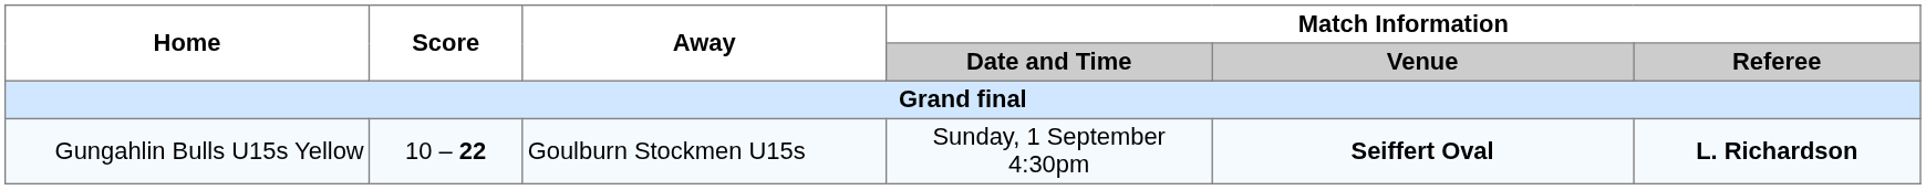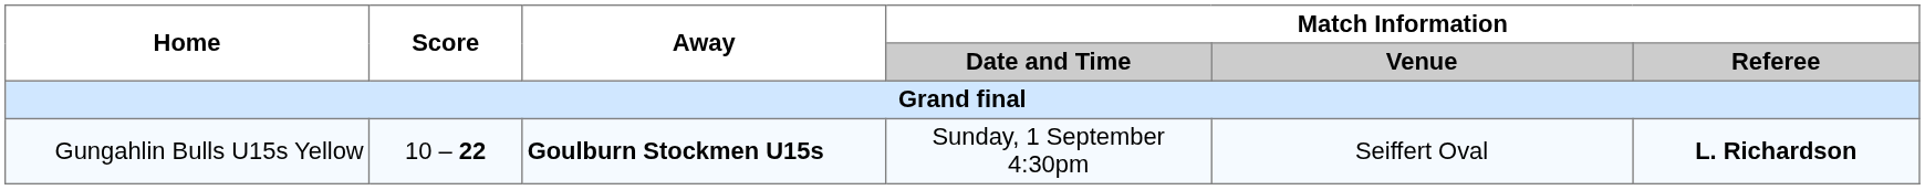 <table border="1" cellpadding="3" cellspacing="0" width="100%" style="border-collapse:collapse;  text-align:center;">
 <tr>
 <th rowspan="2" width="19%">Home</th>
 <th rowspan="2" width="8%">Score</th>
 <th rowspan="2" width="19%">Away</th>
 <th colspan="3">Match Information</th>
 </tr>
 <tr bgcolor="#CCCCCC">
 <th width="17%">Date and Time</th>
 <th width="22%">Venue</th>
 <th width="50%">Referee</th>
 </tr>
 <tr style="background:#d0e7ff;">
 <td colspan="6"><strong>Grand final</strong></td>
 </tr>
 <tr style="text-align:center; background:#f5faff;">
 <td align="right">Gungahlin Bulls U15s Yellow </td>
 <td>10 – <strong>22</strong></td>
-<td align="left"> Goulburn Stockmen U15s</td>
+<td align="left"><strong> Goulburn Stockmen U15s</strong></td>
 <td>Sunday, 1 September 4:30pm</td>
-<td><strong>Seiffert Oval</strong></td>
+<td>Seiffert Oval</td>
 <td><strong>L. Richardson</strong></td>
 </tr>
 </table>
